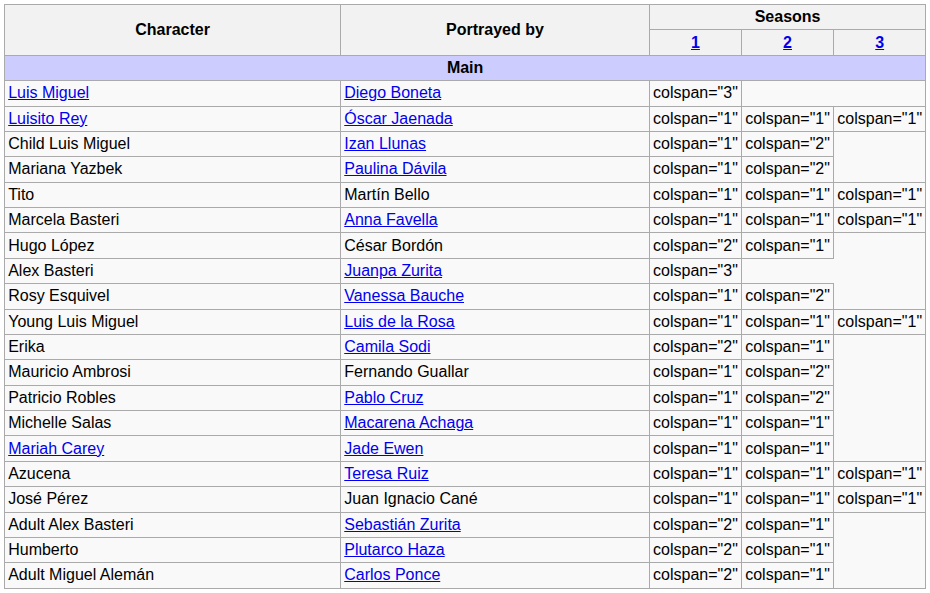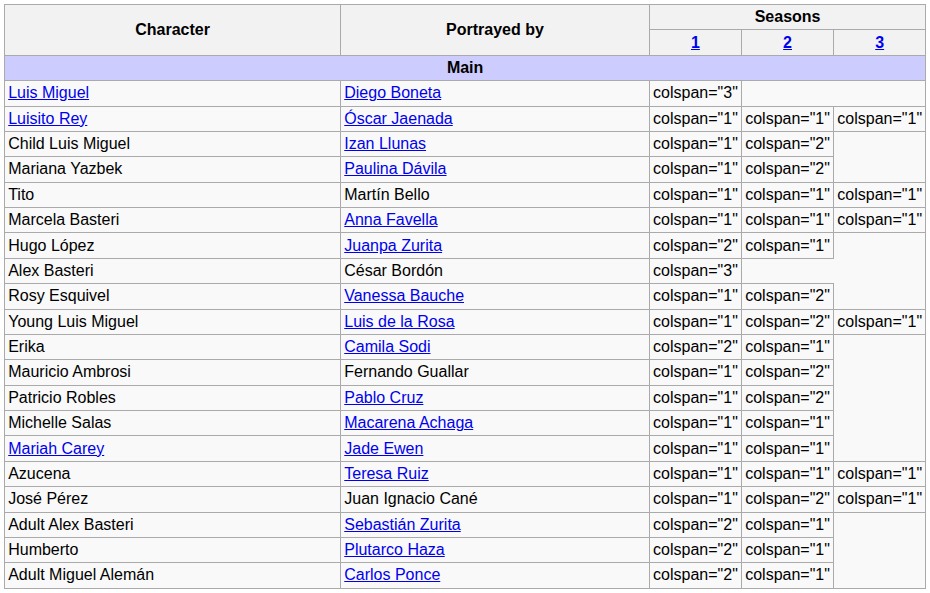 <table class="wikitable">
 <tr>
 <th rowspan="2">Character</th>
 <th rowspan="2">Portrayed by</th>
 <th colspan="3">Seasons</th>
 </tr>
 <tr>
 <th style="width:10%;"><a href='#'>1</a></th>
 <th style="width:10%;"><a href='#'>2</a></th>
 <th style="width:10%;"><a href='#'>3</a></th>
 </tr>
 <tr>
 <th scope="row" colspan="8" style="background-color:#ccccff;">Main</th>
 </tr>
 <tr>
 <td><a href='#'>Luis Miguel</a></td>
 <td><a href='#'>Diego Boneta</a></td>
 <td>colspan="3" </td>
 </tr>
 <tr>
 <td><a href='#'>Luisito Rey</a></td>
 <td><a href='#'>Óscar Jaenada</a></td>
 <td>colspan="1" </td>
 <td>colspan="1" </td>
 <td>colspan="1" </td>
 </tr>
 <tr>
 <td>Child Luis Miguel</td>
 <td><a href='#'>Izan Llunas</a></td>
 <td>colspan="1" </td>
 <td>colspan="2" </td>
 </tr>
 <tr>
 <td>Mariana Yazbek</td>
 <td><a href='#'>Paulina Dávila</a></td>
 <td>colspan="1" </td>
 <td>colspan="2" </td>
 </tr>
 <tr>
 <td>Tito</td>
 <td>Martín Bello</td>
 <td>colspan="1" </td>
 <td>colspan="1" </td>
 <td>colspan="1" </td>
 </tr>
 <tr>
 <td>Marcela Basteri</td>
 <td><a href='#'>Anna Favella</a></td>
 <td>colspan="1" </td>
 <td>colspan="1" </td>
 <td>colspan="1" </td>
 </tr>
 <tr>
 <td>Hugo López</td>
-<td>César Bordón</td>
+<td><a href='#'>Juanpa Zurita</a></td>
 <td>colspan="2" </td>
 <td>colspan="1" </td>
 </tr>
 <tr>
 <td>Alex Basteri</td>
-<td><a href='#'>Juanpa Zurita</a></td>
+<td>César Bordón</td>
 <td>colspan="3" </td>
 </tr>
 <tr>
 <td>Rosy Esquivel</td>
 <td><a href='#'>Vanessa Bauche</a></td>
 <td>colspan="1" </td>
 <td>colspan="2" </td>
 </tr>
 <tr>
 <td>Young Luis Miguel</td>
 <td><a href='#'>Luis de la Rosa</a></td>
 <td>colspan="1" </td>
-<td>colspan="1" </td>
+<td>colspan="2" </td>
 <td>colspan="1" </td>
 </tr>
 <tr>
 <td>Erika</td>
 <td><a href='#'>Camila Sodi</a></td>
 <td>colspan="2" </td>
 <td>colspan="1" </td>
 </tr>
 <tr>
 <td>Mauricio Ambrosi</td>
 <td>Fernando Guallar</td>
 <td>colspan="1" </td>
 <td>colspan="2" </td>
 </tr>
 <tr>
 <td>Patricio Robles</td>
 <td><a href='#'>Pablo Cruz</a></td>
 <td>colspan="1" </td>
 <td>colspan="2" </td>
 </tr>
 <tr>
 <td>Michelle Salas</td>
 <td><a href='#'>Macarena Achaga</a></td>
 <td>colspan="1" </td>
 <td>colspan="1" </td>
 </tr>
 <tr>
 <td><a href='#'>Mariah Carey</a></td>
 <td><a href='#'>Jade Ewen</a></td>
 <td>colspan="1" </td>
 <td>colspan="1" </td>
 </tr>
 <tr>
 <td>Azucena</td>
 <td><a href='#'>Teresa Ruiz</a></td>
 <td>colspan="1" </td>
 <td>colspan="1" </td>
 <td>colspan="1" </td>
 </tr>
 <tr>
 <td>José Pérez</td>
 <td>Juan Ignacio Cané</td>
 <td>colspan="1" </td>
-<td>colspan="1" </td>
+<td>colspan="2" </td>
 <td>colspan="1" </td>
 </tr>
 <tr>
 <td>Adult Alex Basteri</td>
 <td><a href='#'>Sebastián Zurita</a></td>
 <td>colspan="2" </td>
 <td>colspan="1" </td>
 </tr>
 <tr>
 <td>Humberto</td>
 <td><a href='#'>Plutarco Haza</a></td>
 <td>colspan="2" </td>
 <td>colspan="1" </td>
 </tr>
 <tr>
 <td>Adult Miguel Alemán</td>
 <td><a href='#'>Carlos Ponce</a></td>
 <td>colspan="2" </td>
 <td>colspan="1" </td>
 </tr>
 </table>
